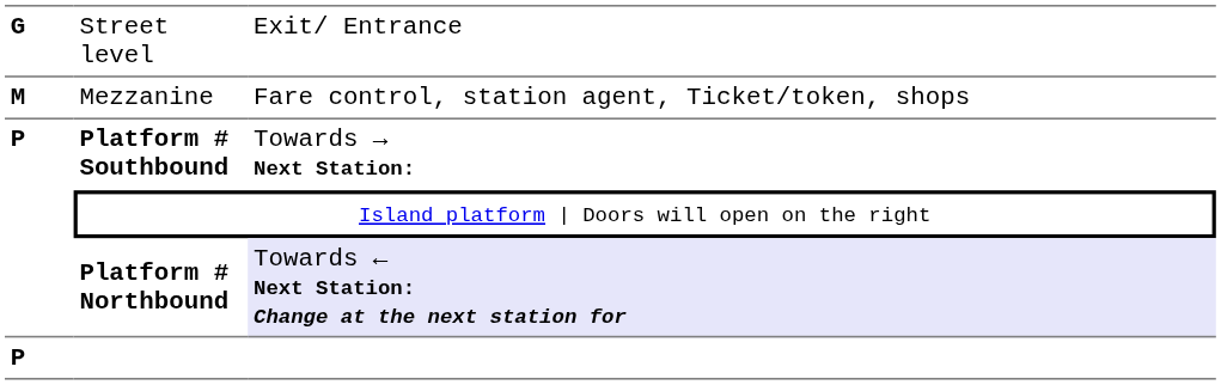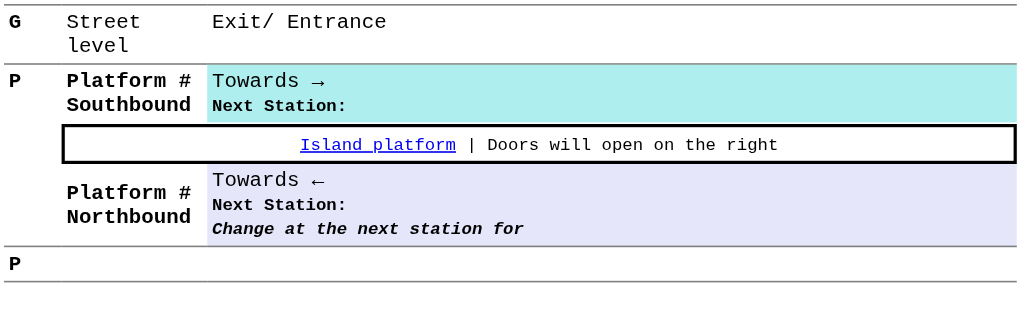 <table table border=0 cellspacing=0 cellpadding=3>
 <tr>
 <td style="border-top:solid 1px gray;border-bottom:solid 1px gray;" width=30 valign=top><strong>G</strong></td>
 <td style="border-top:solid 1px gray;border-bottom:solid 1px gray;" width=85 valign=top>Street level</td>
 <td style="border-top:solid 1px gray;border-bottom:solid 1px gray;" width=500 valign=top>Exit/ Entrance</td>
 </tr>
 <tr>
-<td style="border-bottom:solid 1px gray;"><strong>M</strong></td>
-<td style="border-bottom:solid 1px gray;">Mezzanine</td>
-<td style="border-bottom:solid 1px gray;">Fare control, station agent, Ticket/token, shops</td>
-</tr>
-<tr>
 <td style="border-bottom:solid 1px gray;" width=30 rowspan=3 valign=top><strong>P</strong></td>
 <td style="border-bottom:solid 1px white;" width=85><span><strong>Platform #</strong><br><strong>Southbound</strong></span></td>
-<td style="border-bottom:solid 1px white;" width=500>Towards → <br><small><strong>Next Station:</strong> </small></td>
+<td style="background: paleturquoise; border-bottom:solid 1px white;" width=500>Towards → <br><small><strong>Next Station:</strong> </small></td>
 </tr>
 <tr>
 <td style="border-top:solid 2px black;border-right:solid 2px black;border-left:solid 2px black;border-bottom:solid 2px black;text-align:center;" colspan=2><small><a href='#'>Island platform</a> | Doors will open on the right </small></td>
 </tr>
 <tr>
 <td style="border-bottom:solid 1px gray;" width=85><span><strong>Platform #</strong><br><strong>Northbound</strong></span></td>
 <td style="background: lavender; border-bottom:solid 1px gray;" width="500">Towards ← <br><small><strong>Next Station:</strong> <br><strong><em>Change at the next station for </em></strong></small></td>
 </tr>
 <tr>
 <td style="border-bottom:solid 1px gray;" width=30 rowspan=2 valign=top><strong>P</strong></td>
 <td style="border-bottom:solid 1px gray;" width=85></td>
 <td style="border-bottom:solid 1px gray;" width=500></td>
 </tr>
 </table>
